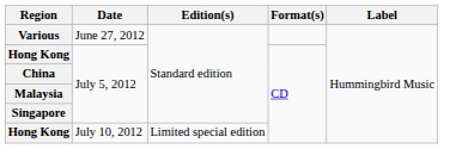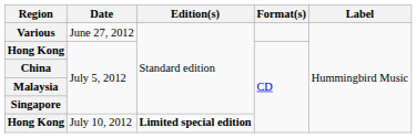 <table class="wikitable plainrowheaders">
 <tr>
 <th>Region</th>
 <th>Date</th>
 <th>Edition(s)</th>
 <th>Format(s)</th>
 <th>Label</th>
 </tr>
 <tr>
 <th scope="row">Various</th>
 <td>June 27, 2012</td>
 <td rowspan="5">Standard edition</td>
 <td></td>
 <td rowspan="6">Hummingbird Music</td>
 </tr>
 <tr>
 <th scope="row">Hong Kong</th>
 <td rowspan="4">July 5, 2012</td>
 <td rowspan="5"><a href='#'>CD</a></td>
 </tr>
 <tr>
 <th scope="row">China</th>
 </tr>
 <tr>
 <th scope="row">Malaysia</th>
 </tr>
 <tr>
 <th scope="row">Singapore</th>
 </tr>
 <tr>
 <th scope="row">Hong Kong</th>
 <td>July 10, 2012</td>
-<td>Limited special edition</td>
+<td><strong>Limited special edition</strong></td>
 </tr>
 </table>
